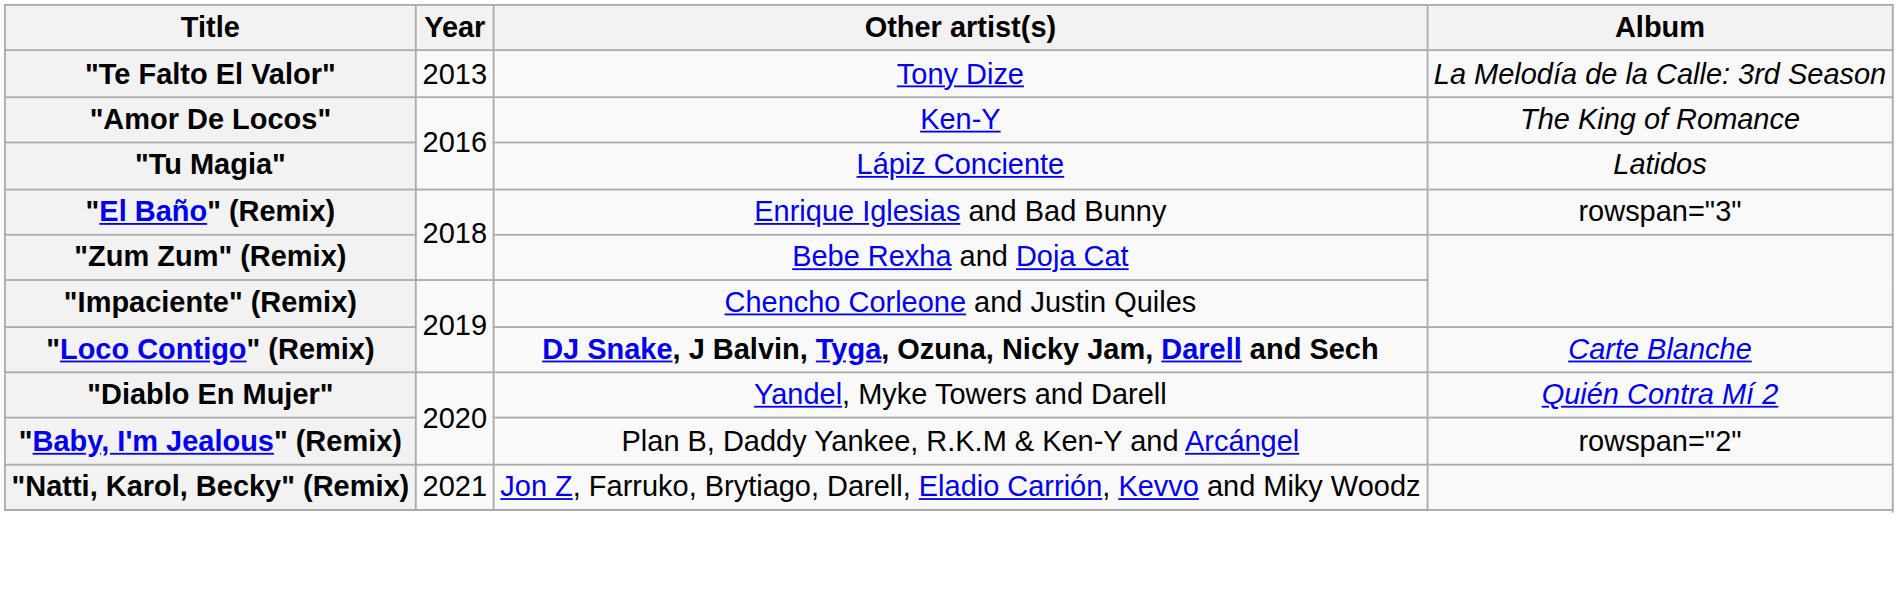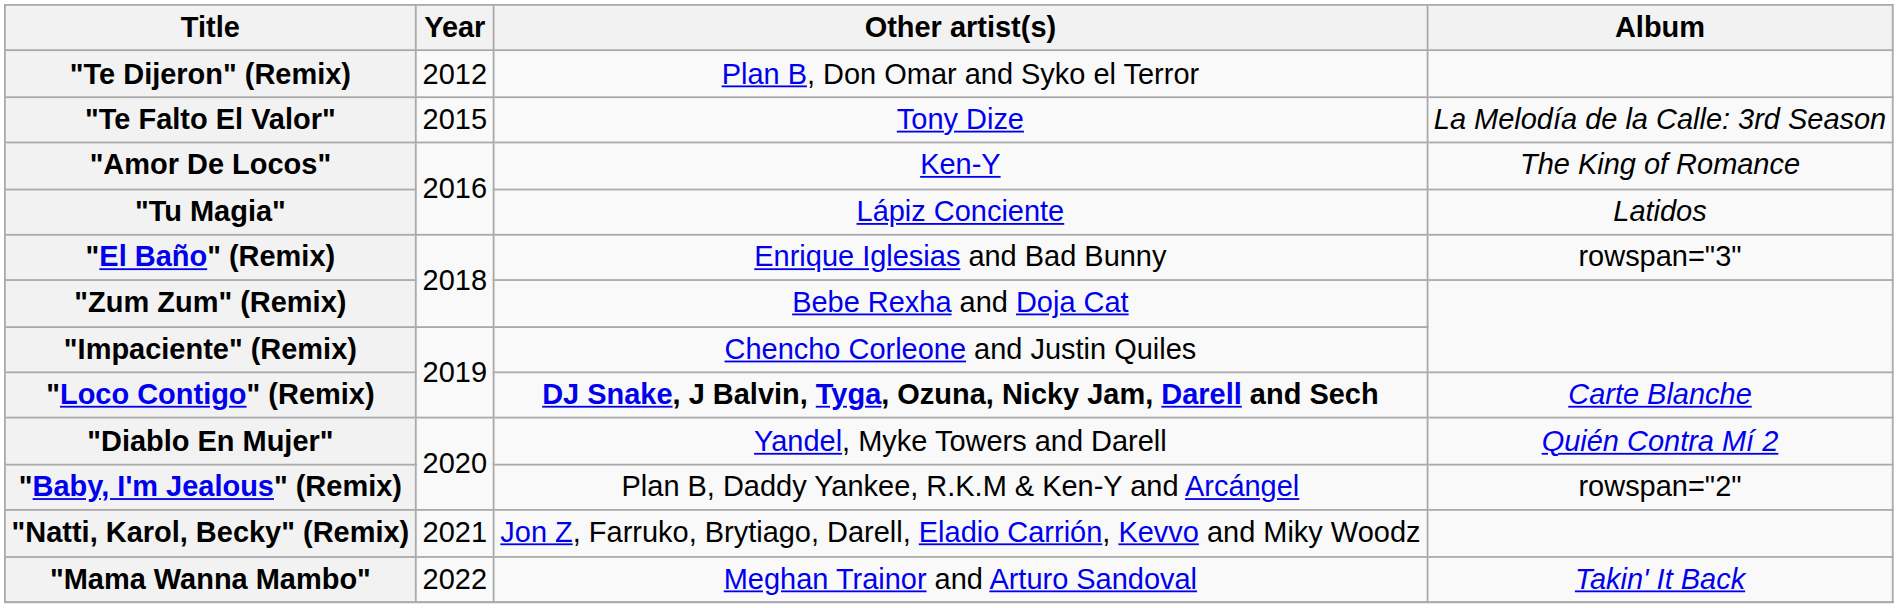 <table class="wikitable plainrowheaders" style="text-align:center;">
 <tr>
 <th scope="col">Title</th>
 <th scope="col">Year</th>
 <th scope="col">Other artist(s)</th>
 <th scope="col">Album</th>
 </tr>
 <tr>
+<th scope="row">"Te Dijeron" (Remix)</th>
+<td>2012</td>
+<td><a href='#'>Plan B</a>, Don Omar and Syko el Terror</td>
+<td></td>
+</tr>
+<tr>
 <th scope="row">"Te Falto El Valor"</th>
-<td>2013</td>
+<td>2015</td>
 <td><a href='#'>Tony Dize</a></td>
 <td><em>La Melodía de la Calle: 3rd Season</em></td>
 </tr>
 <tr>
 <th scope="row">"Amor De Locos"</th>
 <td rowspan="2">2016</td>
 <td><a href='#'>Ken-Y</a></td>
 <td><em>The King of Romance</em></td>
 </tr>
 <tr>
 <th scope="row">"Tu Magia"</th>
 <td><a href='#'>Lápiz Conciente</a></td>
 <td><em>Latidos</em></td>
 </tr>
 <tr>
 <th scope="row">"<a href='#'>El Baño</a>" (Remix)</th>
 <td rowspan="2">2018</td>
 <td><a href='#'>Enrique Iglesias</a> and Bad Bunny</td>
 <td>rowspan="3" </td>
 </tr>
 <tr>
 <th scope="row">"Zum Zum" (Remix)</th>
 <td><a href='#'>Bebe Rexha</a> and <a href='#'>Doja Cat</a></td>
 </tr>
 <tr>
 <th scope="row">"Impaciente" (Remix)</th>
 <td rowspan="2">2019</td>
 <td><a href='#'>Chencho Corleone</a> and Justin Quiles</td>
 </tr>
 <tr>
 <th scope="row">"<a href='#'>Loco Contigo</a>" (Remix)</th>
 <td><strong><a href='#'>DJ Snake</a>, J Balvin, <a href='#'>Tyga</a>, Ozuna, Nicky Jam, <a href='#'>Darell</a> and Sech</strong></td>
 <td><em><a href='#'>Carte Blanche</a></em></td>
 </tr>
 <tr>
 <th scope="row">"Diablo En Mujer"</th>
 <td rowspan="2">2020</td>
 <td><a href='#'>Yandel</a>, Myke Towers and Darell</td>
 <td><em><a href='#'>Quién Contra Mí 2</a></em></td>
 </tr>
 <tr>
 <th scope="row">"<a href='#'>Baby, I'm Jealous</a>" (Remix)</th>
 <td>Plan B, Daddy Yankee, R.K.M & Ken-Y and <a href='#'>Arcángel</a></td>
 <td>rowspan="2" </td>
 </tr>
 <tr>
 <th scope="row">"Natti, Karol, Becky" (Remix)</th>
 <td>2021</td>
 <td><a href='#'>Jon Z</a>, Farruko, Brytiago, Darell, <a href='#'>Eladio Carrión</a>, <a href='#'>Kevvo</a> and Miky Woodz</td>
 </tr>
 <tr>
+<th scope="row">"Mama Wanna Mambo"</th>
+<td>2022</td>
+<td><a href='#'>Meghan Trainor</a> and <a href='#'>Arturo Sandoval</a></td>
+<td><em><a href='#'>Takin' It Back</a></em></td>
+</tr>
+<tr>
 </tr>
 </table>
